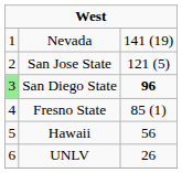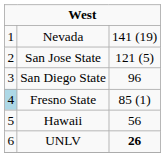 <table class="wikitable" style="display: inline-table">
 <tr align="center">
 <td align="center" Colspan="3"><strong>West</strong><br></td>
 </tr>
 <tr align="center">
 <td>1</td>
 <td>Nevada</td>
 <td>141 (19)</td>
 </tr>
 <tr align="center">
 <td>2</td>
 <td>San Jose State</td>
 <td>121 (5)</td>
 </tr>
 <tr align="center">
-<td style="background: lightgreen;">3</td>
+<td>3</td>
 <td>San Diego State</td>
-<td><strong>96</strong></td>
+<td>96</td>
 </tr>
 <tr align="center">
-<td>4</td>
+<td style="background: lightblue;">4</td>
 <td>Fresno State</td>
 <td>85 (1)</td>
 </tr>
 <tr align="center">
 <td>5</td>
 <td>Hawaii</td>
 <td>56</td>
 </tr>
 <tr align="center">
 <td>6</td>
 <td>UNLV</td>
-<td>26</td>
+<td><strong>26</strong></td>
 </tr>
 <tr>
 </tr>
 </table>
